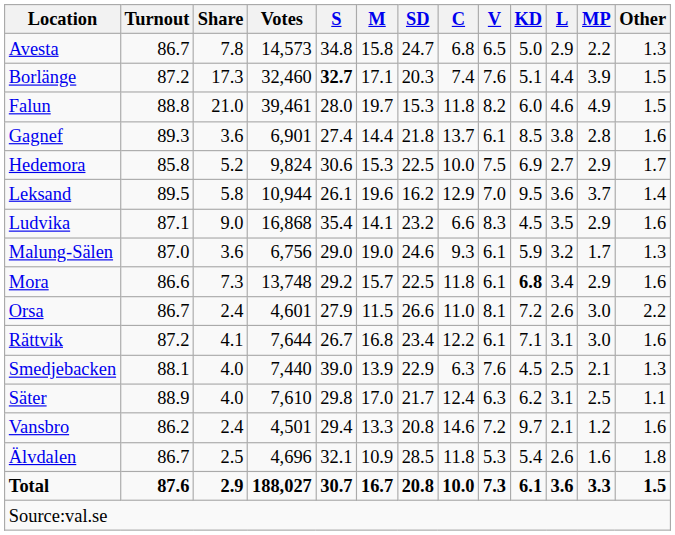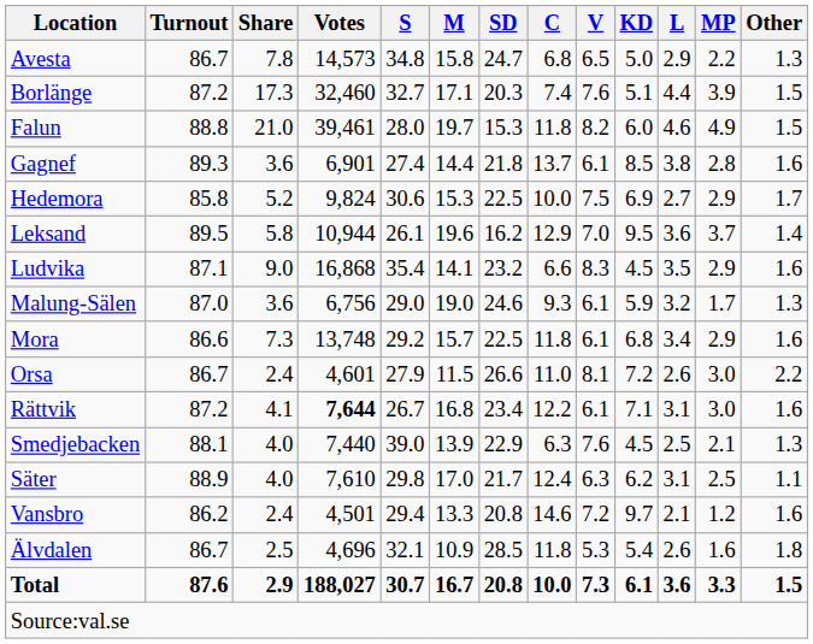 <table class="wikitable sortable" style=text-align:right>
 <tr>
 <th>Location</th>
 <th>Turnout</th>
 <th>Share</th>
 <th>Votes</th>
 <th><a href='#'>S</a></th>
 <th><a href='#'>M</a></th>
 <th><a href='#'>SD</a></th>
 <th><a href='#'>C</a></th>
 <th><a href='#'>V</a></th>
 <th><a href='#'>KD</a></th>
 <th><a href='#'>L</a></th>
 <th><a href='#'>MP</a></th>
 <th>Other</th>
 </tr>
 <tr>
 <td align=left><a href='#'>Avesta</a></td>
 <td>86.7</td>
 <td>7.8</td>
 <td>14,573</td>
 <td>34.8</td>
 <td>15.8</td>
 <td>24.7</td>
 <td>6.8</td>
 <td>6.5</td>
 <td>5.0</td>
 <td>2.9</td>
 <td>2.2</td>
 <td>1.3</td>
 </tr>
 <tr>
 <td align=left><a href='#'>Borlänge</a></td>
 <td>87.2</td>
 <td>17.3</td>
 <td>32,460</td>
-<td><strong>32.7</strong></td>
+<td>32.7</td>
 <td>17.1</td>
 <td>20.3</td>
 <td>7.4</td>
 <td>7.6</td>
 <td>5.1</td>
 <td>4.4</td>
 <td>3.9</td>
 <td>1.5</td>
 </tr>
 <tr>
 <td align=left><a href='#'>Falun</a></td>
 <td>88.8</td>
 <td>21.0</td>
 <td>39,461</td>
 <td>28.0</td>
 <td>19.7</td>
 <td>15.3</td>
 <td>11.8</td>
 <td>8.2</td>
 <td>6.0</td>
 <td>4.6</td>
 <td>4.9</td>
 <td>1.5</td>
 </tr>
 <tr>
 <td align=left><a href='#'>Gagnef</a></td>
 <td>89.3</td>
 <td>3.6</td>
 <td>6,901</td>
 <td>27.4</td>
 <td>14.4</td>
 <td>21.8</td>
 <td>13.7</td>
 <td>6.1</td>
 <td>8.5</td>
 <td>3.8</td>
 <td>2.8</td>
 <td>1.6</td>
 </tr>
 <tr>
 <td align=left><a href='#'>Hedemora</a></td>
 <td>85.8</td>
 <td>5.2</td>
 <td>9,824</td>
 <td>30.6</td>
 <td>15.3</td>
 <td>22.5</td>
 <td>10.0</td>
 <td>7.5</td>
 <td>6.9</td>
 <td>2.7</td>
 <td>2.9</td>
 <td>1.7</td>
 </tr>
 <tr>
 <td align=left><a href='#'>Leksand</a></td>
 <td>89.5</td>
 <td>5.8</td>
 <td>10,944</td>
 <td>26.1</td>
 <td>19.6</td>
 <td>16.2</td>
 <td>12.9</td>
 <td>7.0</td>
 <td>9.5</td>
 <td>3.6</td>
 <td>3.7</td>
 <td>1.4</td>
 </tr>
 <tr>
 <td align=left><a href='#'>Ludvika</a></td>
 <td>87.1</td>
 <td>9.0</td>
 <td>16,868</td>
 <td>35.4</td>
 <td>14.1</td>
 <td>23.2</td>
 <td>6.6</td>
 <td>8.3</td>
 <td>4.5</td>
 <td>3.5</td>
 <td>2.9</td>
 <td>1.6</td>
 </tr>
 <tr>
 <td align=left><a href='#'>Malung-Sälen</a></td>
 <td>87.0</td>
 <td>3.6</td>
 <td>6,756</td>
 <td>29.0</td>
 <td>19.0</td>
 <td>24.6</td>
 <td>9.3</td>
 <td>6.1</td>
 <td>5.9</td>
 <td>3.2</td>
 <td>1.7</td>
 <td>1.3</td>
 </tr>
 <tr>
 <td align=left><a href='#'>Mora</a></td>
 <td>86.6</td>
 <td>7.3</td>
 <td>13,748</td>
 <td>29.2</td>
 <td>15.7</td>
 <td>22.5</td>
 <td>11.8</td>
 <td>6.1</td>
-<td><strong>6.8</strong></td>
+<td>6.8</td>
 <td>3.4</td>
 <td>2.9</td>
 <td>1.6</td>
 </tr>
 <tr>
 <td align=left><a href='#'>Orsa</a></td>
 <td>86.7</td>
 <td>2.4</td>
 <td>4,601</td>
 <td>27.9</td>
 <td>11.5</td>
 <td>26.6</td>
 <td>11.0</td>
 <td>8.1</td>
 <td>7.2</td>
 <td>2.6</td>
 <td>3.0</td>
 <td>2.2</td>
 </tr>
 <tr>
 <td align=left><a href='#'>Rättvik</a></td>
 <td>87.2</td>
 <td>4.1</td>
-<td>7,644</td>
+<td><strong>7,644</strong></td>
 <td>26.7</td>
 <td>16.8</td>
 <td>23.4</td>
 <td>12.2</td>
 <td>6.1</td>
 <td>7.1</td>
 <td>3.1</td>
 <td>3.0</td>
 <td>1.6</td>
 </tr>
 <tr>
 <td align=left><a href='#'>Smedjebacken</a></td>
 <td>88.1</td>
 <td>4.0</td>
 <td>7,440</td>
 <td>39.0</td>
 <td>13.9</td>
 <td>22.9</td>
 <td>6.3</td>
 <td>7.6</td>
 <td>4.5</td>
 <td>2.5</td>
 <td>2.1</td>
 <td>1.3</td>
 </tr>
 <tr>
 <td align=left><a href='#'>Säter</a></td>
 <td>88.9</td>
 <td>4.0</td>
 <td>7,610</td>
 <td>29.8</td>
 <td>17.0</td>
 <td>21.7</td>
 <td>12.4</td>
 <td>6.3</td>
 <td>6.2</td>
 <td>3.1</td>
 <td>2.5</td>
 <td>1.1</td>
 </tr>
 <tr>
 <td align=left><a href='#'>Vansbro</a></td>
 <td>86.2</td>
 <td>2.4</td>
 <td>4,501</td>
 <td>29.4</td>
 <td>13.3</td>
 <td>20.8</td>
 <td>14.6</td>
 <td>7.2</td>
 <td>9.7</td>
 <td>2.1</td>
 <td>1.2</td>
 <td>1.6</td>
 </tr>
 <tr>
 <td align=left><a href='#'>Älvdalen</a></td>
 <td>86.7</td>
 <td>2.5</td>
 <td>4,696</td>
 <td>32.1</td>
 <td>10.9</td>
 <td>28.5</td>
 <td>11.8</td>
 <td>5.3</td>
 <td>5.4</td>
 <td>2.6</td>
 <td>1.6</td>
 <td>1.8</td>
 </tr>
 <tr>
 <td align=left><strong>Total</strong></td>
 <td><strong>87.6</strong></td>
 <td><strong>2.9</strong></td>
 <td><strong>188,027</strong></td>
 <td><strong>30.7</strong></td>
 <td><strong>16.7</strong></td>
 <td><strong>20.8</strong></td>
 <td><strong>10.0</strong></td>
 <td><strong>7.3</strong></td>
 <td><strong>6.1</strong></td>
 <td><strong>3.6</strong></td>
 <td><strong>3.3</strong></td>
 <td><strong>1.5</strong></td>
 </tr>
 <tr>
 <td align=left colspan=13>Source:val.se</td>
 </tr>
 </table>
